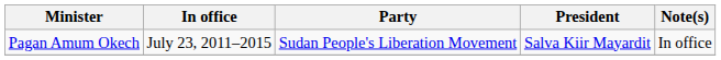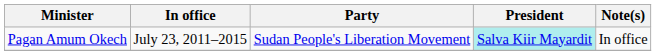 <table class="wikitable">
 <tr>
 <th>Minister</th>
 <th>In office</th>
 <th>Party</th>
 <th>President</th>
 <th>Note(s)</th>
 </tr>
 <tr>
 <td><a href='#'>Pagan Amum Okech</a></td>
 <td>July 23, 2011–2015</td>
 <td><a href='#'>Sudan People's Liberation Movement</a></td>
-<td><a href='#'>Salva Kiir Mayardit</a></td>
+<td style="background: paleturquoise;"><a href='#'>Salva Kiir Mayardit</a></td>
 <td>In office</td>
 </tr>
 <tr>
 </tr>
 </table>
